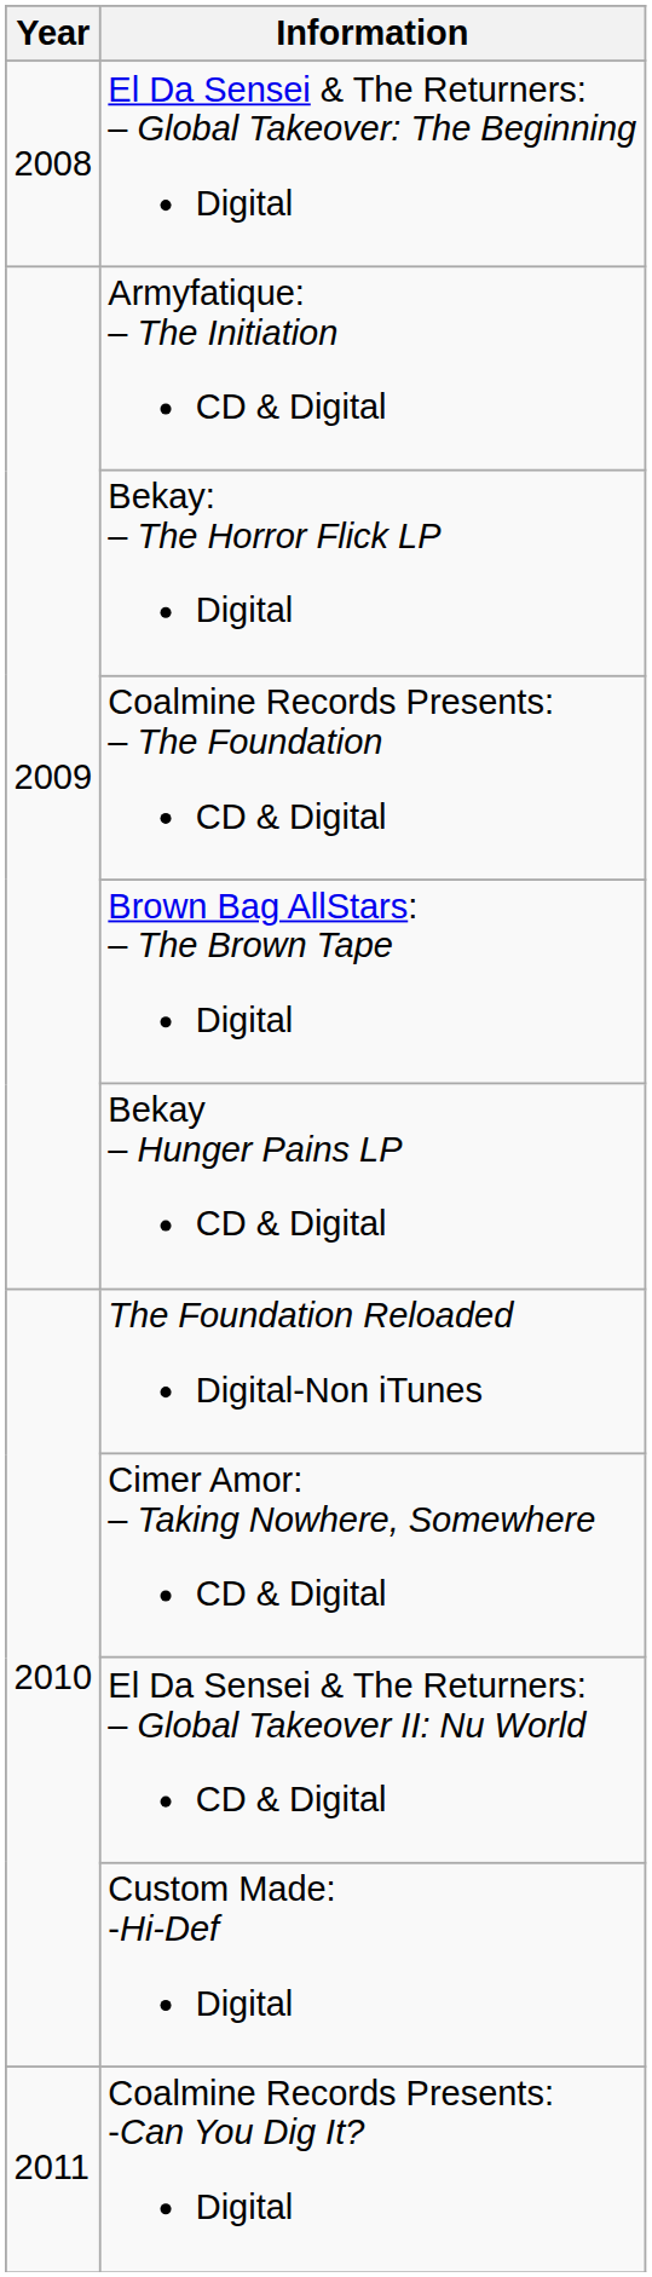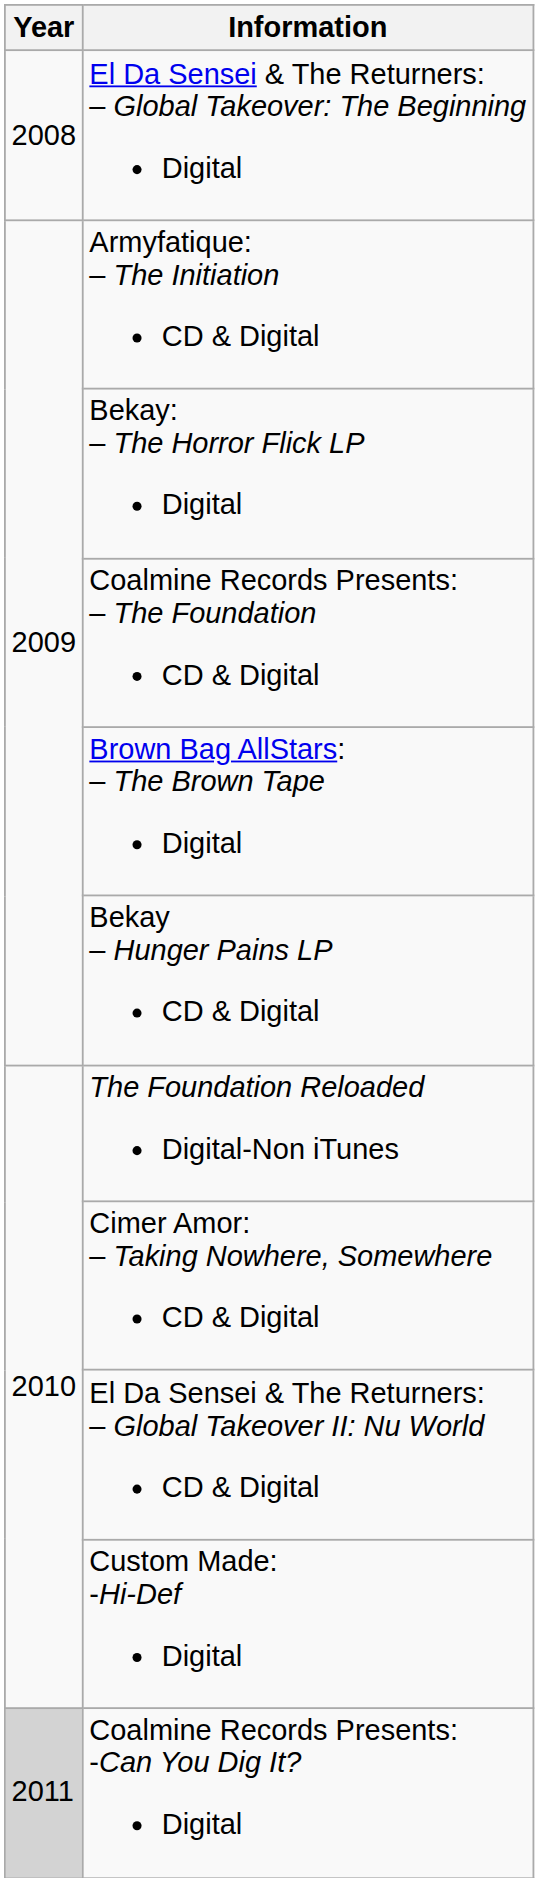 <table class="wikitable">
 <tr>
 <th style="text-align:center;">Year</th>
 <th style="text-align:center;">Information</th>
 </tr>
 <tr>
 <td>2008</td>
 <td align="left"><a href='#'>El Da Sensei</a> & The Returners:<br> – <em>Global Takeover: The Beginning </em><br><ul><li>Digital</li></ul></td>
 </tr>
 <tr>
 <td rowspan="5">2009</td>
 <td align="left">Armyfatique:<br> – <em>The Initiation </em><br><ul><li>CD & Digital</li></ul></td>
 </tr>
 <tr>
 <td align="left">Bekay:<br> – <em>The Horror Flick LP</em><br><ul><li>Digital</li></ul></td>
 </tr>
 <tr>
 <td align="left">Coalmine Records Presents:<br> – <em>The Foundation</em><br><ul><li>CD & Digital</li></ul></td>
 </tr>
 <tr>
 <td align="left"><a href='#'>Brown Bag AllStars</a>:<br> – <em>The Brown Tape</em><br><ul><li>Digital</li></ul></td>
 </tr>
 <tr>
 <td align="left">Bekay<br> – <em>Hunger Pains LP</em><br><ul><li>CD & Digital</li></ul></td>
 </tr>
 <tr>
 <td rowspan="4">2010</td>
 <td align="left"><em>The Foundation Reloaded</em><br><ul><li>Digital-Non iTunes</li></ul></td>
 </tr>
 <tr>
 <td align="left">Cimer Amor:<br> – <em>Taking Nowhere, Somewhere</em><br><ul><li>CD & Digital</li></ul></td>
 </tr>
 <tr>
 <td align="left">El Da Sensei & The Returners:<br> – <em>Global Takeover II: Nu World</em><br><ul><li>CD & Digital</li></ul></td>
 </tr>
 <tr>
 <td align="left">Custom Made: <br> -<em>Hi-Def</em><br><ul><li>Digital</li></ul></td>
 </tr>
 <tr>
-<td>2011</td>
+<td style="background: lightgrey;">2011</td>
 <td align="left">Coalmine Records Presents:<br> -<em>Can You Dig It?</em><br><ul><li>Digital</li></ul></td>
 </tr>
 </table>
